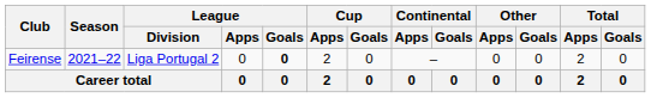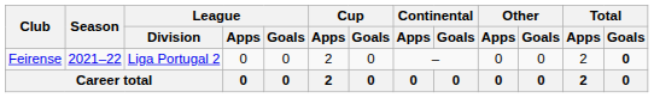 <table class="wikitable" style="text-align: center">
 <tr>
 <th rowspan="2">Club</th>
 <th rowspan="2">Season</th>
 <th colspan="3">League</th>
 <th colspan="2">Cup</th>
 <th colspan="2">Continental</th>
 <th colspan="2">Other</th>
 <th colspan="2">Total</th>
 </tr>
 <tr>
 <th>Division</th>
 <th>Apps</th>
 <th>Goals</th>
 <th>Apps</th>
 <th>Goals</th>
 <th>Apps</th>
 <th>Goals</th>
 <th>Apps</th>
 <th>Goals</th>
 <th>Apps</th>
 <th>Goals</th>
 </tr>
 <tr>
 <td><a href='#'>Feirense</a></td>
 <td><a href='#'>2021–22</a></td>
 <td><a href='#'>Liga Portugal 2</a></td>
 <td>0</td>
-<td><strong>0</strong></td>
+<td>0</td>
 <td>2</td>
 <td>0</td>
 <td colspan="2">–</td>
 <td>0</td>
 <td>0</td>
 <td>2</td>
-<td>0</td>
+<td><strong>0</strong></td>
 </tr>
 <tr>
 <th colspan="3"><strong>Career total</strong></th>
 <th>0</th>
 <th>0</th>
 <th>2</th>
 <th>0</th>
 <th>0</th>
 <th>0</th>
 <th>0</th>
 <th>0</th>
 <th>2</th>
 <th>0</th>
 </tr>
 </table>
